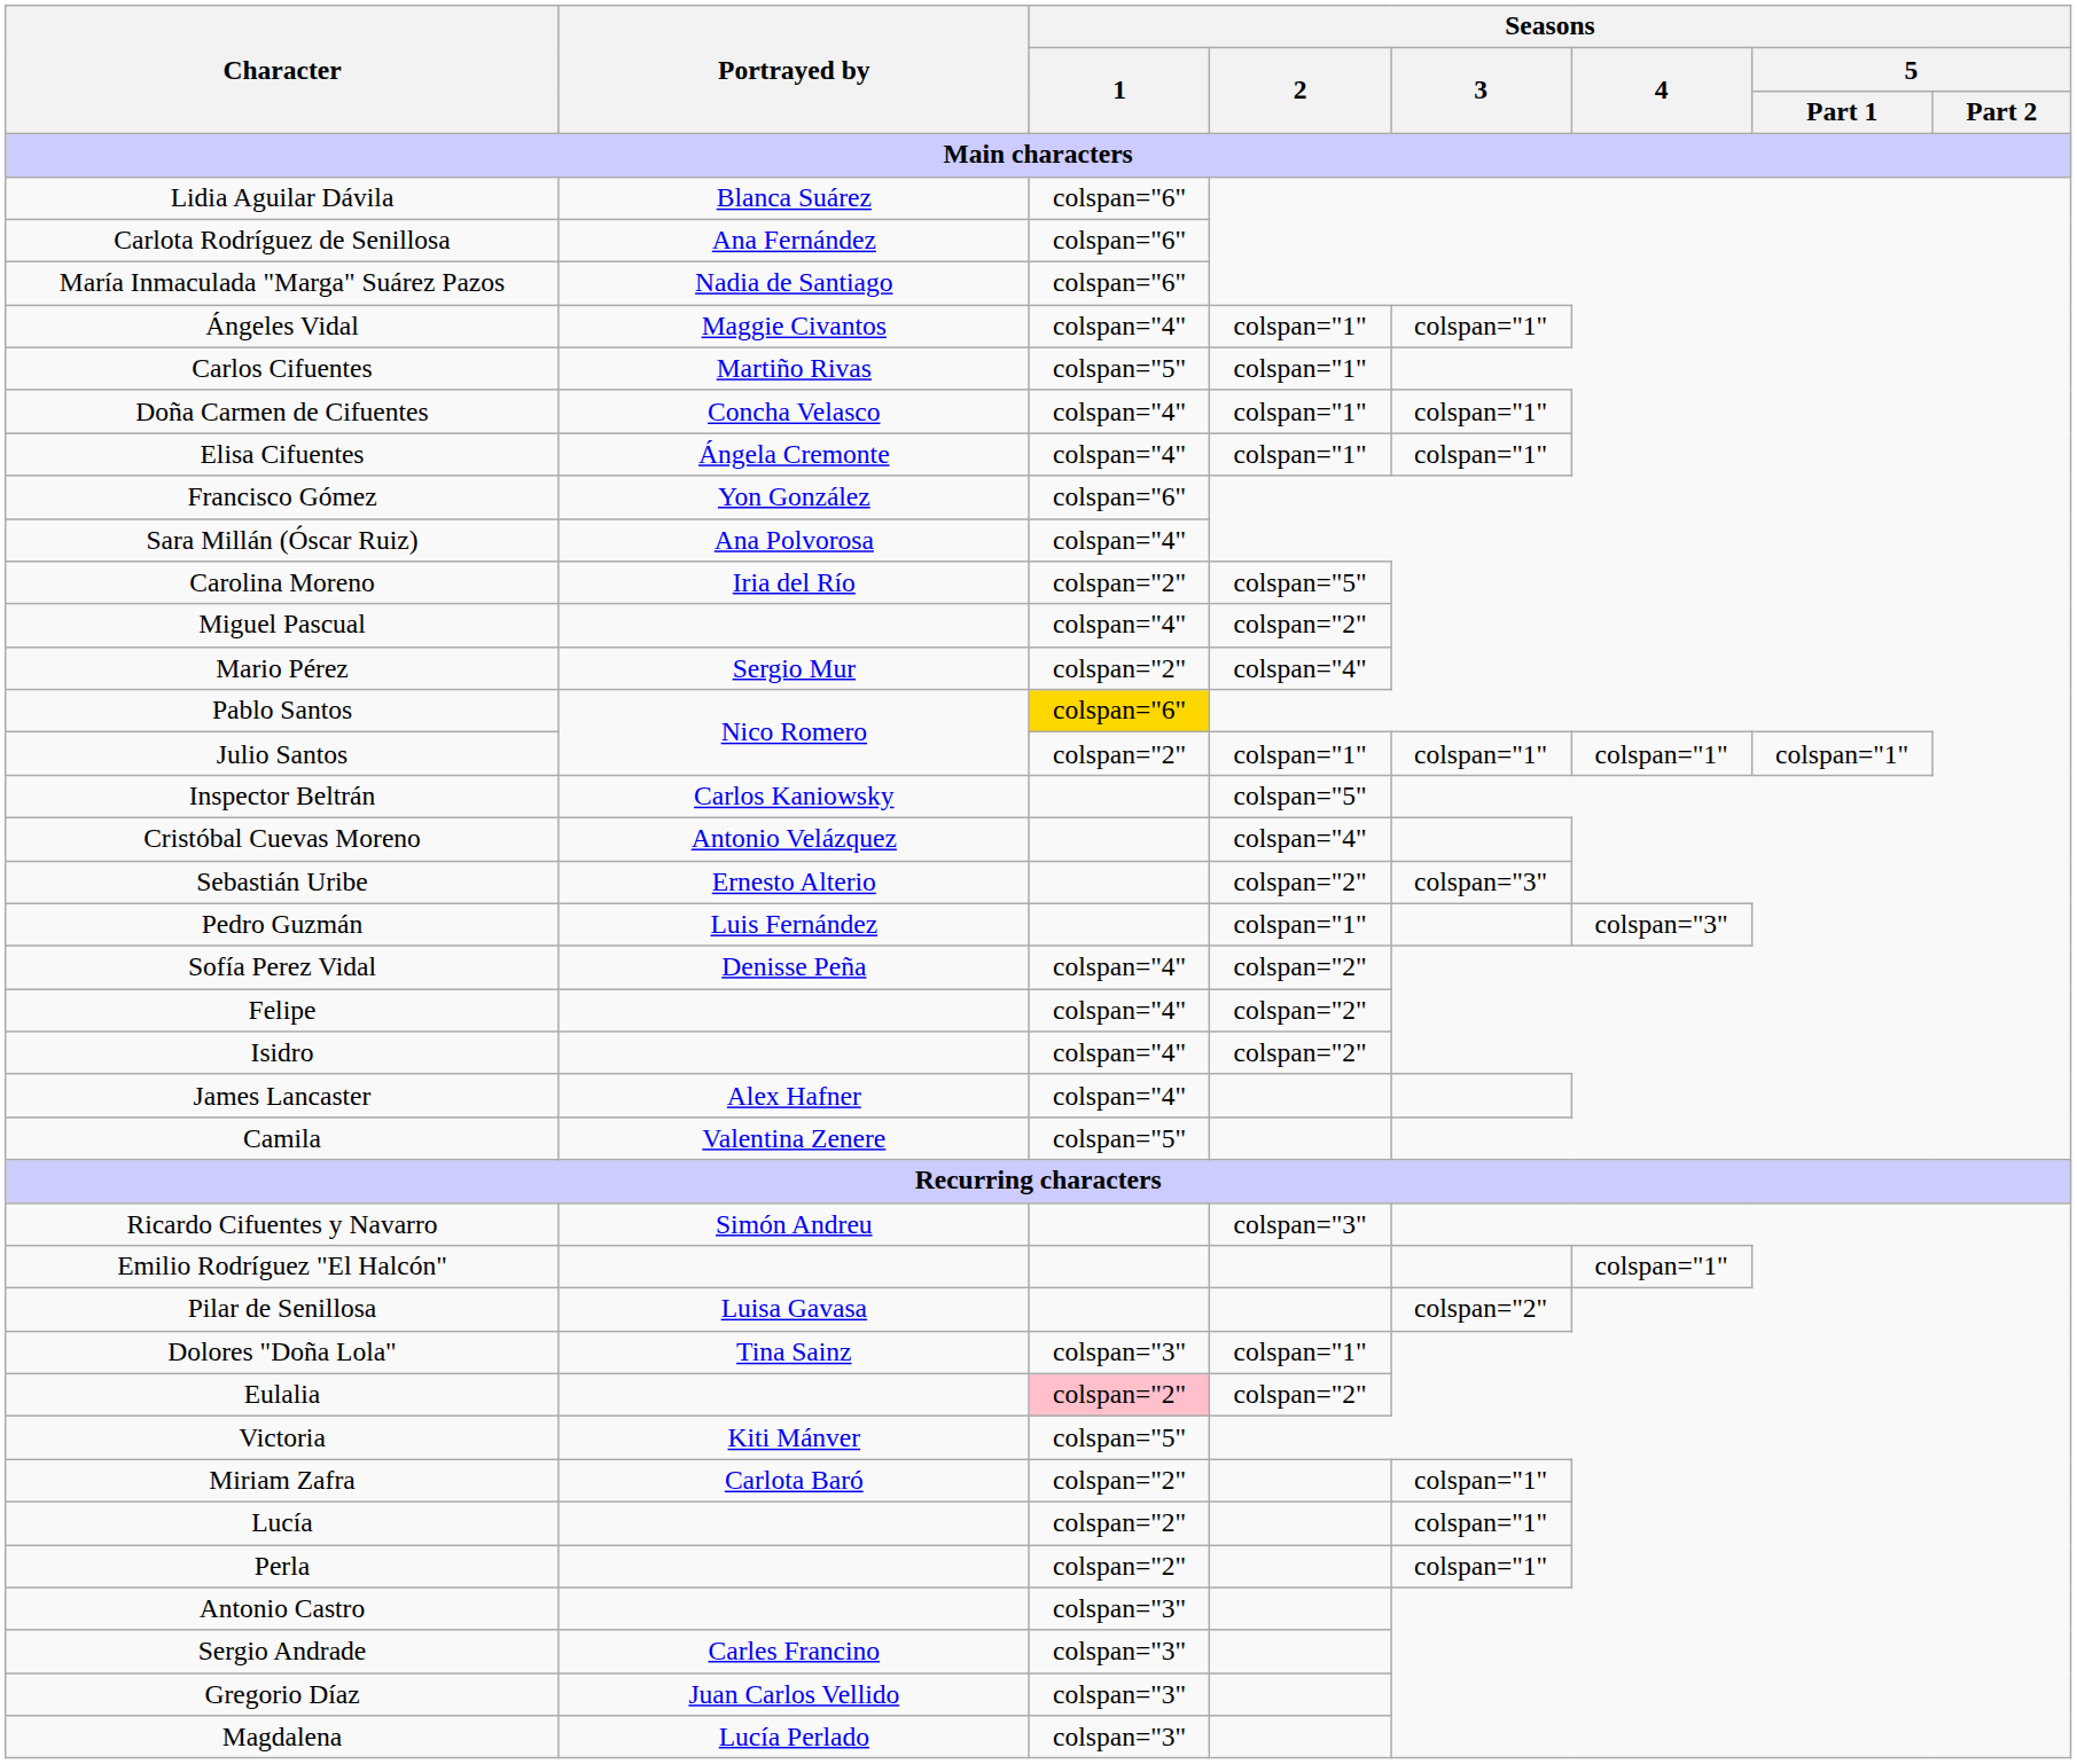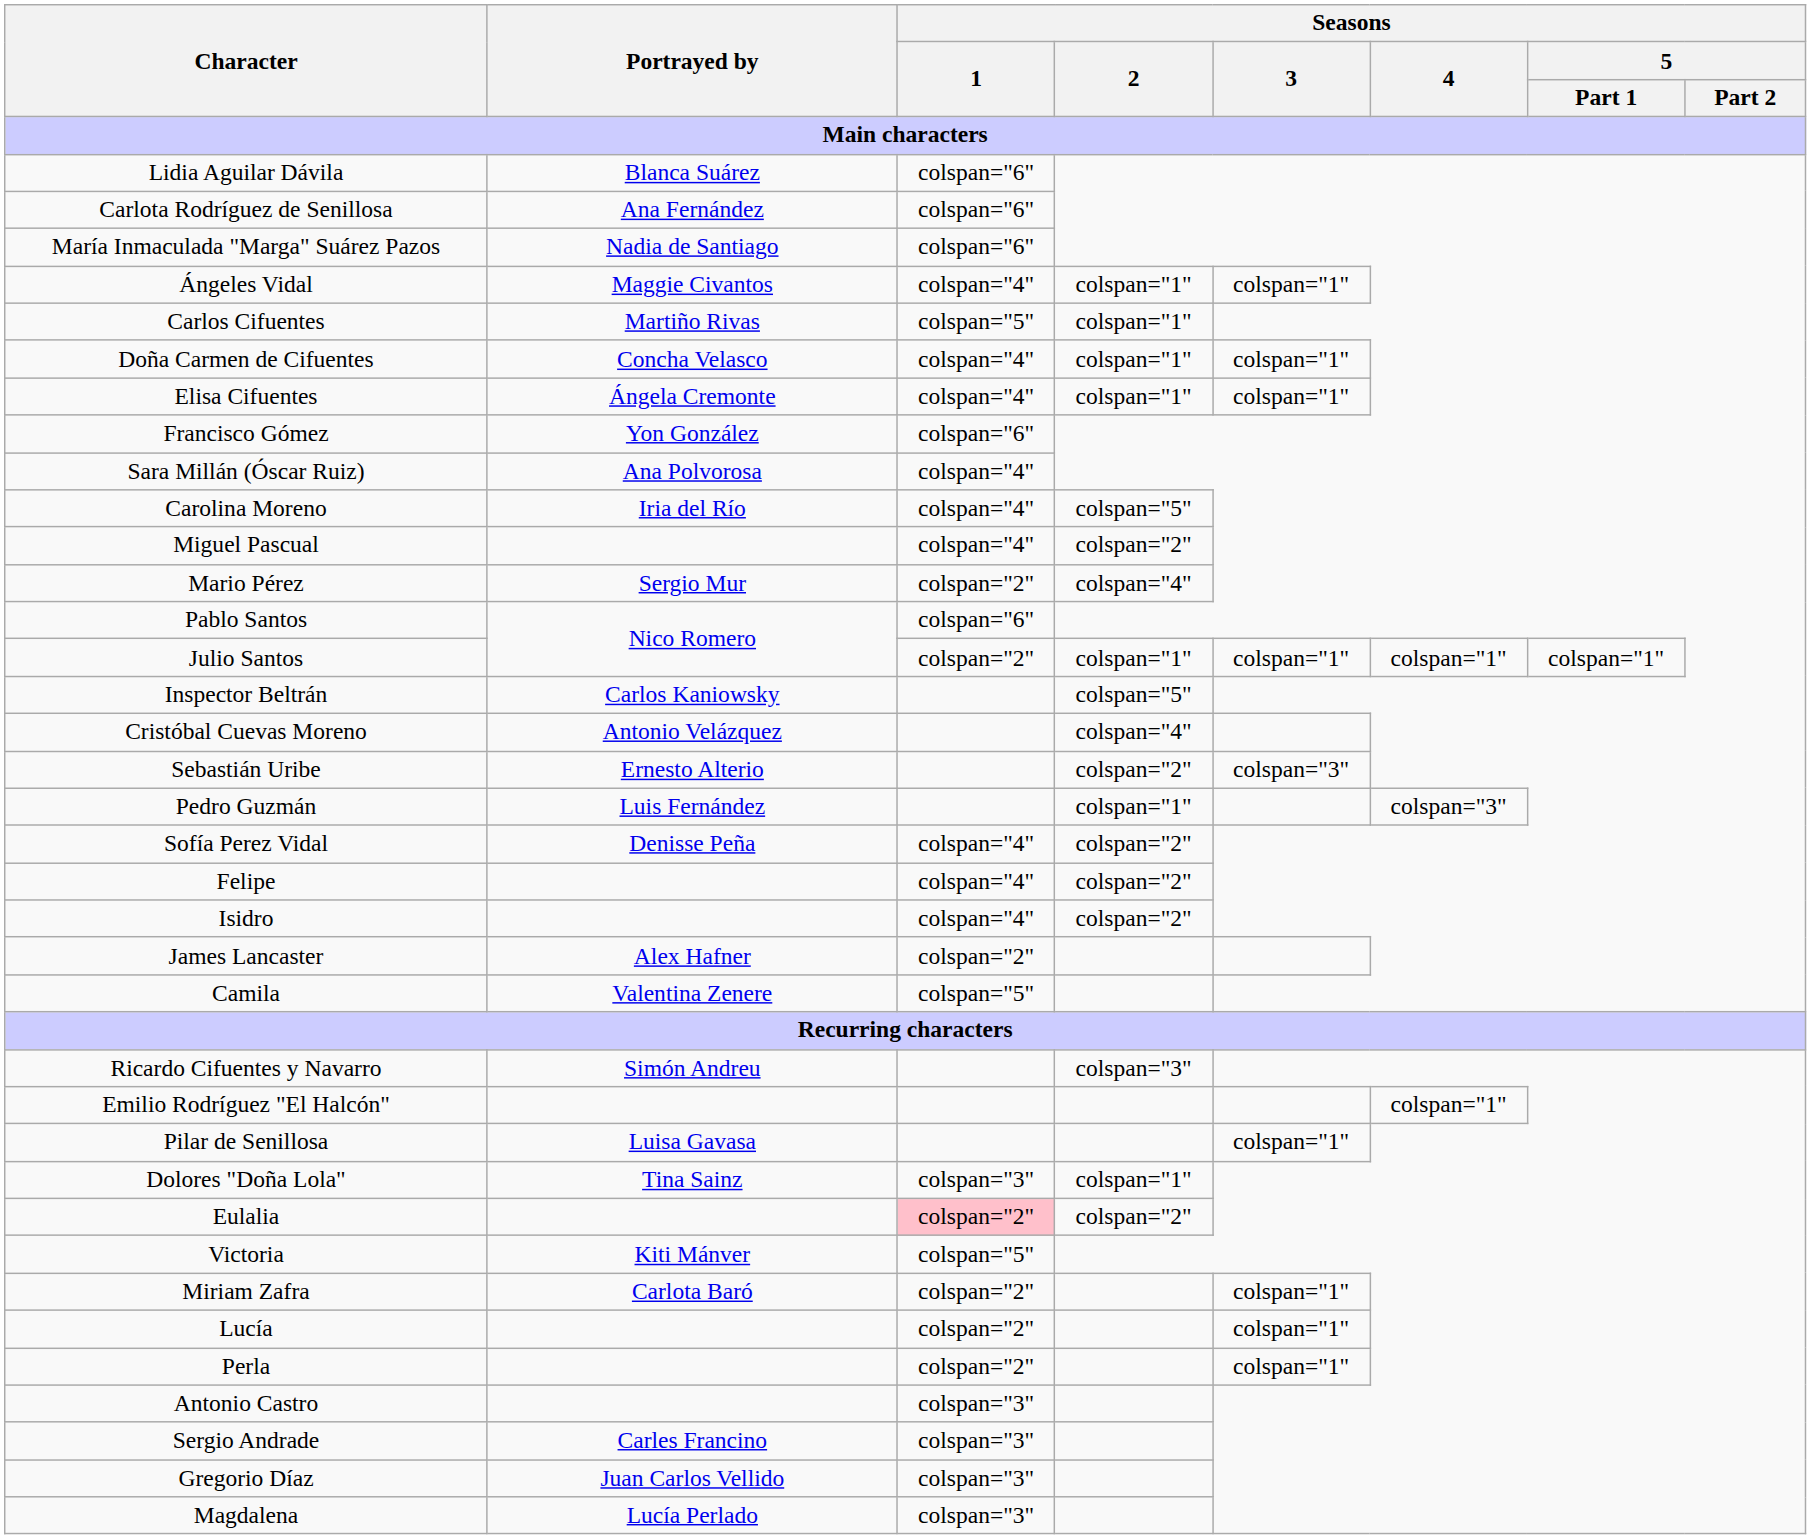 <table class="wikitable plainrowheaders" style="text-align:center; width:97%;">
 <tr>
 <th scope="col" rowspan="3" style="width:20%;">Character</th>
 <th scope="col" rowspan="3" style="width:17%;">Portrayed by</th>
 <th scope="col" colspan="6" style="width:60%;">Seasons</th>
 </tr>
 <tr>
 <th rowspan=2 scope="col" style="width:5%;">1</th>
 <th rowspan=2 scope="col" style="width:5%;">2</th>
 <th rowspan=2 scope="col" style="width:5%;">3</th>
 <th rowspan =2 scope="col" style="width:5%;">4</th>
 <th colspan=2 style="width:10%;">5</th>
 </tr>
 <tr>
 <th scope="col" style="width:5%;">Part 1</th>
 <th scope="col" style="width:5%;">Part 2</th>
 </tr>
 <tr>
 <td scope="row" colspan="8" style="background-color:#ccccff; text-align:center"><strong>Main characters</strong></td>
 </tr>
 <tr>
 <td scope="row">Lidia Aguilar Dávila</td>
 <td><a href='#'>Blanca Suárez</a></td>
 <td>colspan="6" </td>
 </tr>
 <tr>
 <td scope="row">Carlota Rodríguez de Senillosa</td>
 <td><a href='#'>Ana Fernández</a></td>
 <td>colspan="6" </td>
 </tr>
 <tr>
 <td scope="row">María Inmaculada "Marga" Suárez Pazos</td>
 <td><a href='#'>Nadia de Santiago</a></td>
 <td>colspan="6" </td>
 </tr>
 <tr>
 <td scope="row">Ángeles Vidal</td>
 <td><a href='#'>Maggie Civantos</a></td>
 <td>colspan="4" </td>
 <td>colspan="1" </td>
 <td>colspan="1" </td>
 </tr>
 <tr>
 <td scope="row">Carlos Cifuentes</td>
 <td><a href='#'>Martiño Rivas</a></td>
 <td>colspan="5" </td>
 <td>colspan="1" </td>
 </tr>
 <tr>
 <td scope="row">Doña Carmen de Cifuentes</td>
 <td><a href='#'>Concha Velasco</a></td>
 <td>colspan="4" </td>
 <td>colspan="1" </td>
 <td>colspan="1" </td>
 </tr>
 <tr>
 <td scope="row">Elisa Cifuentes</td>
 <td><a href='#'>Ángela Cremonte</a></td>
 <td>colspan="4" </td>
 <td>colspan="1" </td>
 <td>colspan="1" </td>
 </tr>
 <tr>
 <td scope="row">Francisco Gómez</td>
 <td><a href='#'>Yon González</a></td>
 <td>colspan="6" </td>
 </tr>
 <tr>
 <td scope="row">Sara Millán  (Óscar Ruiz)</td>
 <td><a href='#'>Ana Polvorosa</a></td>
 <td>colspan="4" </td>
 </tr>
 <tr>
 <td scope="row">Carolina Moreno</td>
 <td><a href='#'>Iria del Río</a></td>
-<td>colspan="2" </td>
+<td>colspan="4" </td>
 <td>colspan="5" </td>
 </tr>
 <tr>
 <td scope="row">Miguel Pascual</td>
 <td></td>
 <td>colspan="4" </td>
 <td>colspan="2" </td>
 </tr>
 <tr>
 <td scope="row">Mario Pérez</td>
 <td><a href='#'>Sergio Mur</a></td>
 <td>colspan="2" </td>
 <td>colspan="4" </td>
 </tr>
 <tr>
 <td scope="row">Pablo Santos</td>
 <td rowspan="2"><a href='#'>Nico Romero</a></td>
-<td style="background: gold;">colspan="6" </td>
+<td>colspan="6" </td>
 </tr>
 <tr>
 <td scope="row">Julio Santos</td>
 <td>colspan="2" </td>
 <td>colspan="1" </td>
 <td>colspan="1" </td>
 <td>colspan="1" </td>
 <td>colspan="1" </td>
 </tr>
 <tr>
 <td scope="row">Inspector Beltrán</td>
 <td><a href='#'>Carlos Kaniowsky</a></td>
 <td></td>
 <td>colspan="5" </td>
 </tr>
 <tr>
 <td scope="row">Cristóbal Cuevas Moreno</td>
 <td><a href='#'>Antonio Velázquez</a></td>
 <td></td>
 <td>colspan="4" </td>
 <td></td>
 </tr>
 <tr>
 <td scope="row">Sebastián Uribe</td>
 <td><a href='#'>Ernesto Alterio</a></td>
 <td></td>
 <td>colspan="2" </td>
 <td>colspan="3" </td>
 </tr>
 <tr>
 <td scope="row">Pedro Guzmán</td>
 <td><a href='#'>Luis Fernández</a></td>
 <td></td>
 <td>colspan="1" </td>
 <td></td>
 <td>colspan="3" </td>
 </tr>
 <tr>
 <td scope="row">Sofía Perez Vidal</td>
 <td><a href='#'>Denisse Peña</a></td>
 <td>colspan="4" </td>
 <td>colspan="2" </td>
 </tr>
 <tr>
 <td scope="row">Felipe</td>
 <td></td>
 <td>colspan="4" </td>
 <td>colspan="2" </td>
 </tr>
 <tr>
 <td scope="row">Isidro</td>
 <td></td>
 <td>colspan="4" </td>
 <td>colspan="2" </td>
 </tr>
 <tr>
 <td scope="row">James Lancaster</td>
 <td><a href='#'>Alex Hafner</a></td>
-<td>colspan="4" </td>
+<td>colspan="2" </td>
 <td></td>
 <td></td>
 </tr>
 <tr>
 <td scope="row">Camila</td>
 <td><a href='#'>Valentina Zenere</a></td>
 <td>colspan="5" </td>
 <td></td>
 </tr>
 <tr>
 <td scope="row" colspan="8" style="background-color:#ccccff; text-align:center"><strong>Recurring characters</strong></td>
 </tr>
 <tr>
 <td scope="row">Ricardo Cifuentes y Navarro</td>
 <td><a href='#'>Simón Andreu</a></td>
 <td></td>
 <td>colspan="3" </td>
 </tr>
 <tr>
 <td scope="row">Emilio Rodríguez "El Halcón"</td>
 <td></td>
 <td></td>
 <td></td>
 <td></td>
 <td>colspan="1" </td>
 </tr>
 <tr>
 <td scope="row">Pilar de Senillosa</td>
 <td><a href='#'>Luisa Gavasa</a></td>
 <td></td>
 <td></td>
-<td>colspan="2" </td>
+<td>colspan="1" </td>
 </tr>
 <tr>
 <td scope="row">Dolores "Doña Lola"</td>
 <td><a href='#'>Tina Sainz</a></td>
 <td>colspan="3" </td>
 <td>colspan="1" </td>
 </tr>
 <tr>
 <td scope="row">Eulalia</td>
 <td></td>
 <td style="background: pink;">colspan="2" </td>
 <td>colspan="2" </td>
 </tr>
 <tr>
 <td scope="row">Victoria</td>
 <td><a href='#'>Kiti Mánver</a></td>
 <td>colspan="5" </td>
 </tr>
 <tr>
 <td scope="row">Miriam Zafra</td>
 <td><a href='#'>Carlota Baró</a></td>
 <td>colspan="2" </td>
 <td></td>
 <td>colspan="1" </td>
 </tr>
 <tr>
 <td scope="row">Lucía</td>
 <td></td>
 <td>colspan="2" </td>
 <td></td>
 <td>colspan="1" </td>
 </tr>
 <tr>
 <td scope="row">Perla</td>
 <td></td>
 <td>colspan="2" </td>
 <td></td>
 <td>colspan="1" </td>
 </tr>
 <tr>
 <td scope="row">Antonio Castro</td>
 <td></td>
 <td>colspan="3" </td>
 <td></td>
 </tr>
 <tr>
 <td scope="row">Sergio Andrade</td>
 <td><a href='#'>Carles Francino</a></td>
 <td>colspan="3" </td>
 <td></td>
 </tr>
 <tr>
 <td scope="row">Gregorio Díaz</td>
 <td><a href='#'>Juan Carlos Vellido</a></td>
 <td>colspan="3" </td>
 <td></td>
 </tr>
 <tr>
 <td scope="row">Magdalena</td>
 <td><a href='#'>Lucía Perlado</a></td>
 <td>colspan="3" </td>
 <td></td>
 </tr>
 </table>
